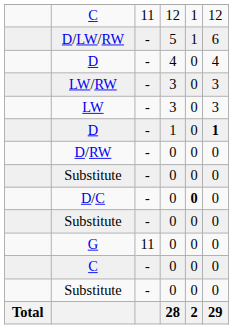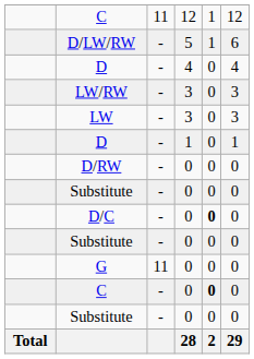 <table class="wikitable sortable" width ="40%">
 <tr align="center">
 </tr>
 <tr align="center" bgcolor="">
 <td></td>
 <td><a href='#'>C</a></td>
 <td>11</td>
 <td>12</td>
 <td>1</td>
 <td>12</td>
 </tr>
 <tr align="center" bgcolor="f0f0f0">
 <td></td>
 <td><a href='#'>D</a>/<a href='#'>LW</a>/<a href='#'>RW</a></td>
 <td>-</td>
 <td>5</td>
 <td>1</td>
 <td>6</td>
 </tr>
 <tr align="center" bgcolor="">
 <td></td>
 <td><a href='#'>D</a></td>
 <td>-</td>
 <td>4</td>
 <td>0</td>
 <td>4</td>
 </tr>
 <tr align="center" bgcolor="f0f0f0">
 <td></td>
 <td><a href='#'>LW</a>/<a href='#'>RW</a></td>
 <td>-</td>
 <td>3</td>
 <td>0</td>
 <td>3</td>
 </tr>
 <tr align="center" bgcolor="">
 <td></td>
 <td><a href='#'>LW</a></td>
 <td>-</td>
 <td>3</td>
 <td>0</td>
 <td>3</td>
 </tr>
 <tr align="center" bgcolor="f0f0f0">
 <td></td>
 <td><a href='#'>D</a></td>
 <td>-</td>
 <td>1</td>
 <td>0</td>
-<td><strong>1</strong></td>
+<td>1</td>
 </tr>
 <tr align="center" bgcolor="">
 <td></td>
 <td><a href='#'>D</a>/<a href='#'>RW</a></td>
 <td>-</td>
 <td>0</td>
 <td>0</td>
 <td>0</td>
 </tr>
 <tr align="center" bgcolor="f0f0f0">
 <td></td>
 <td>Substitute</td>
 <td>-</td>
 <td>0</td>
 <td>0</td>
 <td>0</td>
 </tr>
 <tr align="center" bgcolor="">
 <td></td>
 <td><a href='#'>D</a>/<a href='#'>C</a></td>
 <td>-</td>
 <td>0</td>
 <td><strong>0</strong></td>
 <td>0</td>
 </tr>
 <tr align="center" bgcolor="f0f0f0">
 <td></td>
 <td>Substitute</td>
 <td>-</td>
 <td>0</td>
 <td>0</td>
 <td>0</td>
 </tr>
 <tr align="center" bgcolor="">
 <td></td>
 <td><a href='#'>G</a></td>
 <td>11</td>
 <td>0</td>
 <td>0</td>
 <td>0</td>
 </tr>
 <tr align="center" bgcolor="f0f0f0">
 <td></td>
 <td><a href='#'>C</a></td>
 <td>-</td>
 <td>0</td>
-<td>0</td>
+<td><strong>0</strong></td>
 <td>0</td>
 </tr>
 <tr align="center" bgcolor="">
 <td></td>
 <td>Substitute</td>
 <td>-</td>
 <td>0</td>
 <td>0</td>
 <td>0</td>
 </tr>
 <tr>
 <th>Total</th>
 <th></th>
 <th></th>
 <th>28</th>
 <th>2</th>
 <th>29</th>
 </tr>
 </table>
